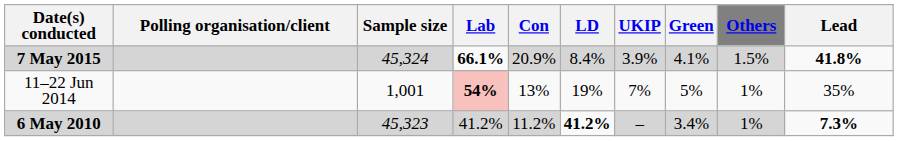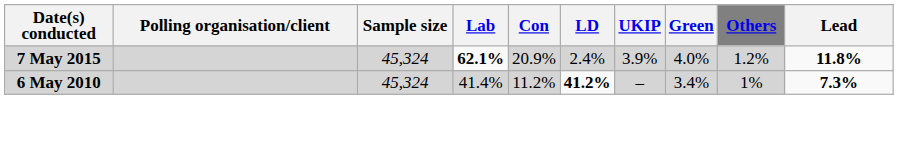 <table class="wikitable sortable" style="text-align:center;font-size:90%;line-height:14px">
 <tr>
 <th ! style="width:85px;">Date(s)<br>conducted</th>
 <th style="width:200px;">Polling organisation/client</th>
 <th class="unsortable" style="width:75px;">Sample size</th>
 <th class="unsortable" style="background:"><a href='#'><span>Lab</span></a></th>
 <th class="unsortable" style="background:"><a href='#'><span>Con</span></a></th>
 <th class="unsortable" style="background:"><a href='#'><span>LD</span></a></th>
 <th class="unsortable" style="background:"><a href='#'><span>UKIP</span></a></th>
 <th class="unsortable" style="background:"><a href='#'><span>Green</span></a></th>
 <th class="unsortable" style="background:gray; width:50px;"><a href='#'><span>Others</span></a></th>
 <th class="unsortable" style="width:85px;">Lead</th>
 </tr>
 <tr>
 <td style="background:#D5D5D5"><strong>7 May 2015</strong></td>
 <td style="background:#D5D5D5"></td>
 <td style="background:#D5D5D5"><em>45,324</em></td>
-<td style="background:"><strong>66.1%</strong></td>
+<td style="background:"><strong>62.1%</strong></td>
 <td style="background:#D5D5D5">20.9%</td>
-<td style="background:#D5D5D5">8.4%</td>
+<td style="background:#D5D5D5">2.4%</td>
 <td style="background:#D5D5D5">3.9%</td>
-<td style="background:#D5D5D5">4.1%</td>
-<td style="background:#D5D5D5">1.5%</td>
-<td style="background:"><strong>41.8% </strong></td>
-</tr>
-<tr>
-<td>11–22 Jun 2014</td>
-<td></td>
-<td>1,001</td>
-<td style="background:#F8C1BE"><strong>54%</strong></td>
-<td>13%</td>
-<td>19%</td>
-<td>7%</td>
-<td>5%</td>
-<td>1%</td>
-<td style="background:">35%</td>
+<td style="background:#D5D5D5">4.0%</td>
+<td style="background:#D5D5D5">1.2%</td>
+<td style="background:"><strong>11.8% </strong></td>
 </tr>
 <tr>
 <td style="background:#D5D5D5"><strong>6 May 2010</strong></td>
 <td style="background:#D5D5D5"></td>
-<td style="background:#D5D5D5"><em>45,323</em></td>
-<td style="background:#D5D5D5">41.2%</td>
+<td style="background:#D5D5D5"><em>45,324</em></td>
+<td style="background:#D5D5D5">41.4%</td>
 <td style="background:#D5D5D5">11.2%</td>
 <td style="background:"><strong>41.2%</strong></td>
 <td style="background:#D5D5D5">–</td>
 <td style="background:#D5D5D5">3.4%</td>
 <td style="background:#D5D5D5">1%</td>
 <td style="background:"><strong>7.3% </strong></td>
 </tr>
 </table>
